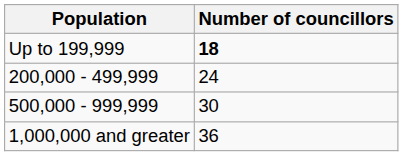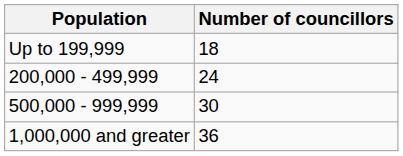 <table class="wikitable">
 <tr>
 <th>Population</th>
 <th>Number of councillors</th>
 </tr>
 <tr>
 <td>Up to 199,999</td>
-<td><strong>18</strong></td>
+<td>18</td>
 </tr>
 <tr>
 <td>200,000 - 499,999</td>
 <td>24</td>
 </tr>
 <tr>
 <td>500,000 - 999,999</td>
 <td>30</td>
 </tr>
 <tr>
 <td>1,000,000 and greater</td>
 <td>36</td>
 </tr>
 </table>
